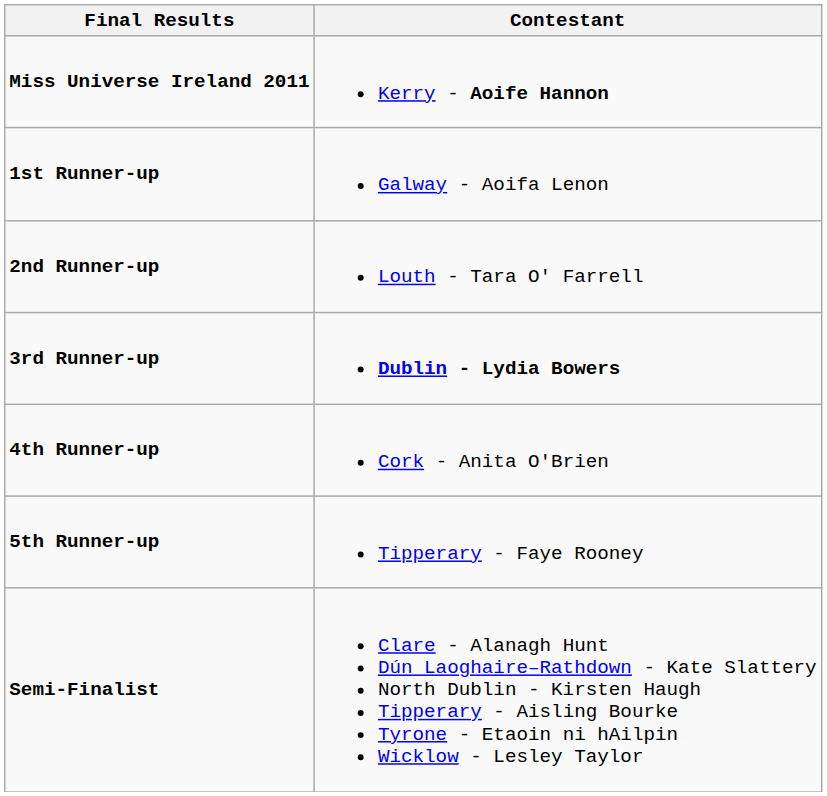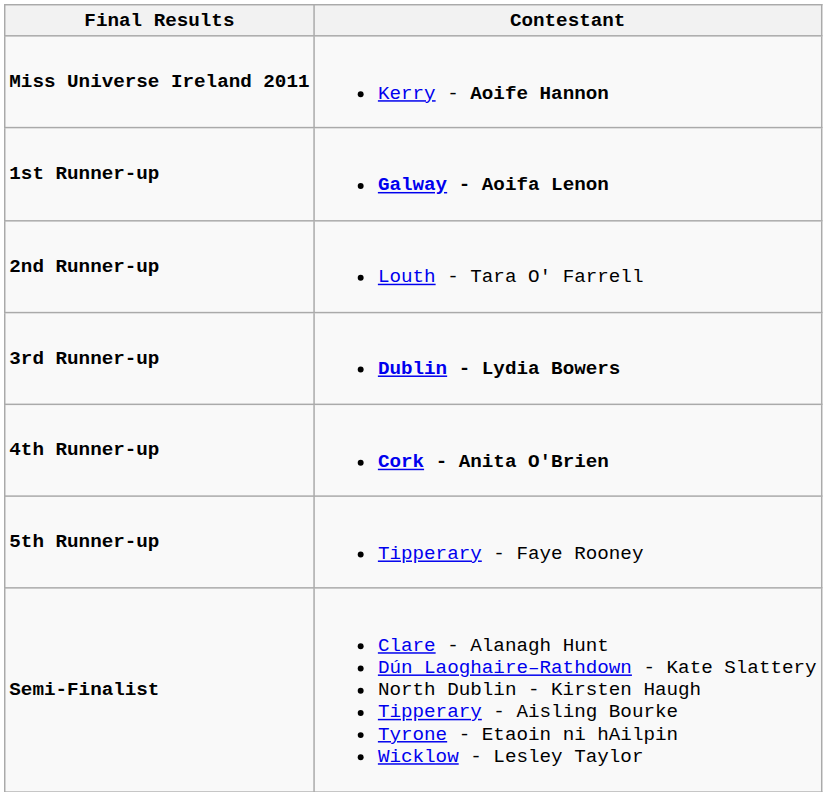 <table class="wikitable" border="1">
 <tr>
 <th>Final Results</th>
 <th>Contestant</th>
 </tr>
 <tr>
 <td><strong>Miss Universe Ireland 2011</strong></td>
 <td><br><ul><li><a href='#'>Kerry</a> - <strong>Aoife Hannon</strong></li></ul></td>
 </tr>
 <tr>
 <td><strong>1st Runner-up</strong></td>
-<td><br><ul><li><a href='#'>Galway</a> - Aoifa Lenon</li></ul></td>
+<td><strong><br><ul><li><a href='#'>Galway</a> - Aoifa Lenon</li></ul></strong></td>
 </tr>
 <tr>
 <td><strong>2nd Runner-up</strong></td>
 <td><br><ul><li><a href='#'>Louth</a> - Tara O' Farrell</li></ul></td>
 </tr>
 <tr>
 <td><strong>3rd Runner-up</strong></td>
 <td><strong><br><ul><li><a href='#'>Dublin</a> - Lydia Bowers</li></ul></strong></td>
 </tr>
 <tr>
 <td><strong>4th Runner-up</strong></td>
-<td><br><ul><li><a href='#'>Cork</a> - Anita O'Brien</li></ul></td>
+<td><strong><br><ul><li><a href='#'>Cork</a> - Anita O'Brien</li></ul></strong></td>
 </tr>
 <tr>
 <td><strong>5th Runner-up</strong></td>
 <td><br><ul><li><a href='#'>Tipperary</a> - Faye Rooney</li></ul></td>
 </tr>
 <tr>
 <td><strong>Semi-Finalist</strong></td>
 <td><br><ul><li><a href='#'>Clare</a> - Alanagh Hunt</li><li><a href='#'>Dún Laoghaire–Rathdown</a> - Kate Slattery</li><li>North Dublin - Kirsten Haugh</li><li><a href='#'>Tipperary</a> - Aisling Bourke</li><li><a href='#'>Tyrone</a> - Etaoin ni hAilpin</li><li><a href='#'>Wicklow</a> - Lesley Taylor</li></ul></td>
 </tr>
 </table>
